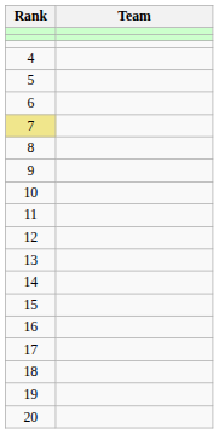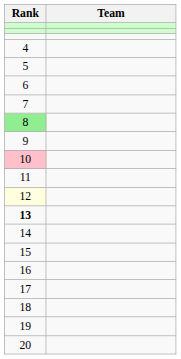 <table class="wikitable" style="text-align: center">
 <tr>
 <th width=50>Rank</th>
 <th width=170>Team</th>
 </tr>
 <tr bgcolor=#ccffcc>
 <td></td>
 <td align=left></td>
 </tr>
 <tr bgcolor=#ccffcc>
 <td></td>
 <td align=left></td>
 </tr>
 <tr>
 <td></td>
 <td align=left></td>
 </tr>
 <tr>
 <td>4</td>
 <td align=left></td>
 </tr>
 <tr>
 <td>5</td>
 <td align=left></td>
 </tr>
 <tr>
 <td>6</td>
 <td align=left></td>
 </tr>
 <tr>
-<td style="background: khaki;">7</td>
+<td>7</td>
 <td align=left></td>
 </tr>
 <tr>
-<td>8</td>
+<td style="background: lightgreen;">8</td>
 <td align=left></td>
 </tr>
 <tr>
 <td>9</td>
 <td align=left></td>
 </tr>
 <tr>
-<td>10</td>
+<td style="background: pink;">10</td>
 <td align=left></td>
 </tr>
 <tr>
 <td>11</td>
 <td align=left></td>
 </tr>
 <tr>
-<td>12</td>
+<td style="background: lightyellow;">12</td>
 <td align=left></td>
 </tr>
 <tr>
-<td>13</td>
+<td><strong>13</strong></td>
 <td align=left></td>
 </tr>
 <tr>
 <td>14</td>
 <td align=left></td>
 </tr>
 <tr>
 <td>15</td>
 <td align=left></td>
 </tr>
 <tr>
 <td>16</td>
 <td align=left></td>
 </tr>
 <tr>
 <td>17</td>
 <td align=left></td>
 </tr>
 <tr>
 <td>18</td>
 <td align=left></td>
 </tr>
 <tr>
 <td>19</td>
 <td align=left></td>
 </tr>
 <tr>
 <td>20</td>
 <td align=left></td>
 </tr>
 </table>
